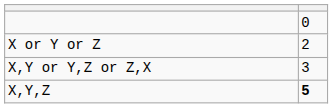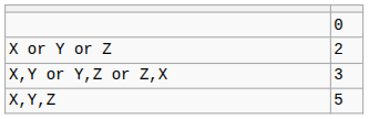 <table class="wikitable" style="float:right; width:300px">
 <tr>
 <th></th>
 <th></th>
 </tr>
 <tr>
 <td></td>
 <td>0</td>
 </tr>
 <tr>
 <td>X or Y or Z</td>
 <td>2</td>
 </tr>
 <tr>
 <td>X,Y or Y,Z or Z,X</td>
 <td>3</td>
 </tr>
 <tr>
 <td>X,Y,Z</td>
-<td><strong>5</strong></td>
+<td>5</td>
 </tr>
 </table>
